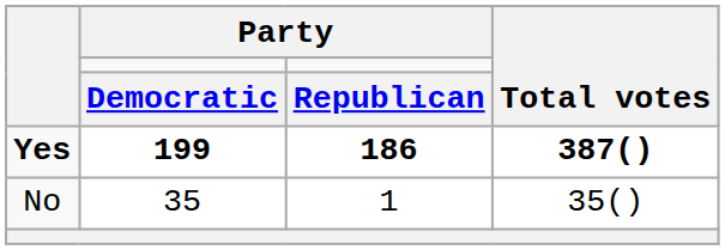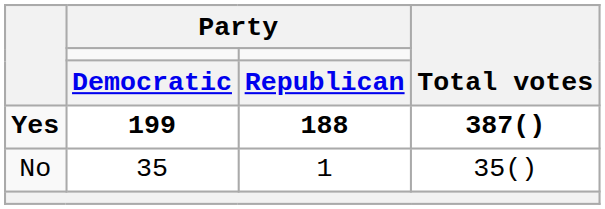 <table class=wikitable style="text-align:center">
 <tr style="vertical-align:bottom;">
 <th rowspan=3></th>
 <th colspan=2>Party</th>
 <th rowspan=3>Total votes</th>
 </tr>
 <tr style="height:5px">
 <td style="background-color:"></td>
 <td style="background-color:"></td>
 </tr>
 <tr style="vertical-align:bottom;">
 <th><a href='#'>Democratic</a></th>
 <th><a href='#'>Republican</a></th>
 </tr>
 <tr>
 <td><strong>Yes</strong></td>
 <td style="background:#ffffff"><strong>199</strong></td>
-<td style="background:#ffffff"><strong>186</strong></td>
+<td style="background:#ffffff"><strong>188</strong></td>
 <td style="background:#ffffff"><strong>387()</strong></td>
 </tr>
 <tr>
 <td>No</td>
 <td style="background:#ffffff">35</td>
 <td style="background:#ffffff">1</td>
 <td style="background:#ffffff">35()</td>
 </tr>
 <tr>
 <th colspan=4 style="text-align:left;"></th>
 </tr>
 </table>
